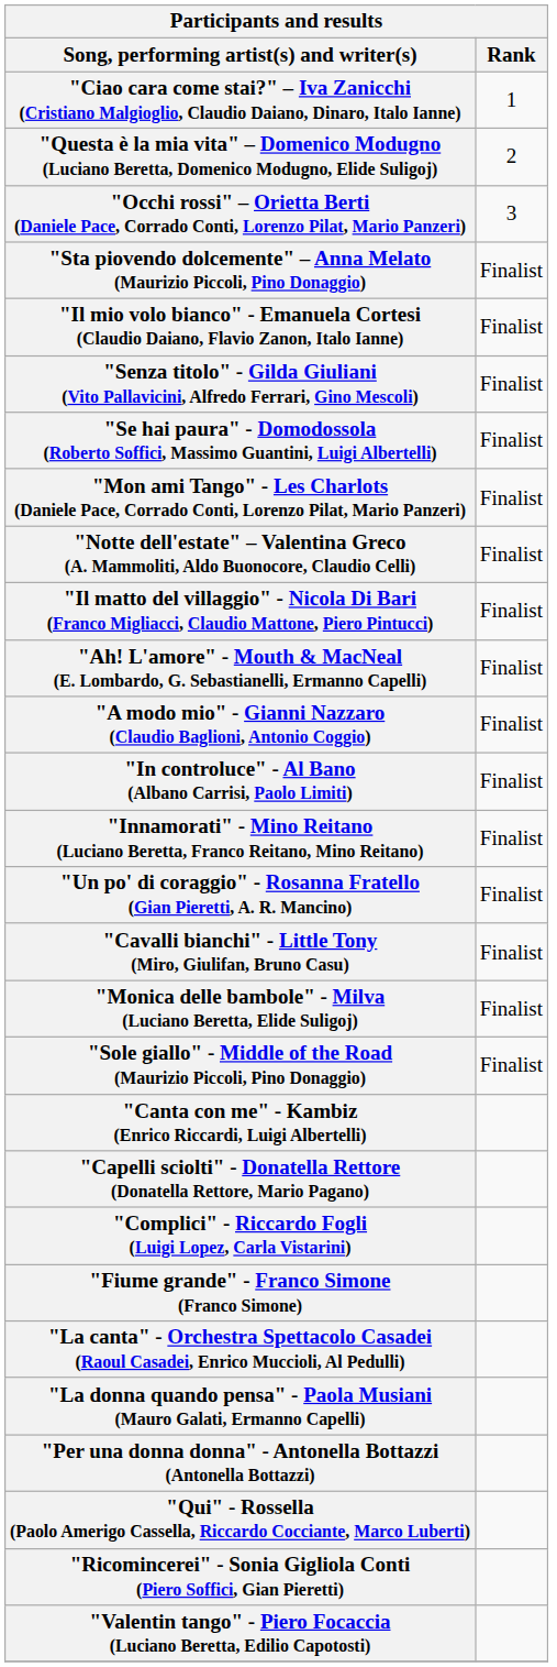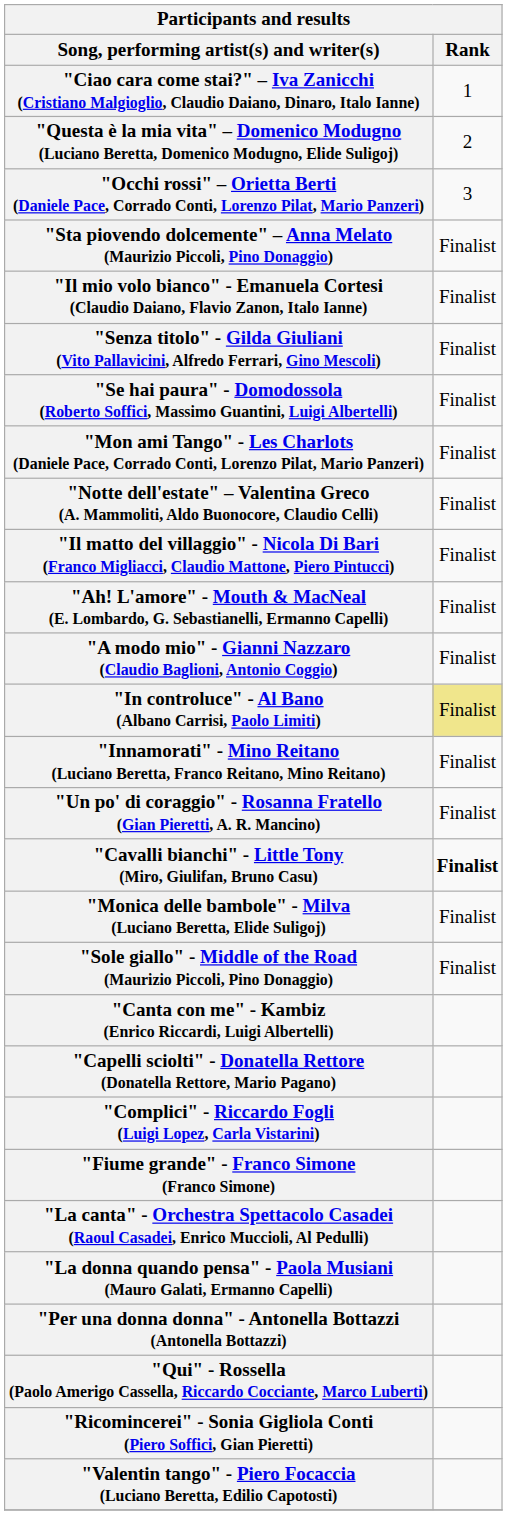 <table class="plainrowheaders wikitable">
 <tr>
 <th colspan="3">Participants and results</th>
 </tr>
 <tr>
 <th>Song, performing artist(s) and writer(s)</th>
 <th>Rank</th>
 </tr>
 <tr>
 <th scope="row">"Ciao cara come stai?" –  <a href='#'>Iva Zanicchi</a>  <br><small> 	 	(<a href='#'>Cristiano Malgioglio</a>, Claudio Daiano, Dinaro, Italo Ianne)</small></th>
 <td style="text-align:center;">1</td>
 </tr>
 <tr>
 <th scope="row">"Questa è la mia vita" – <a href='#'>Domenico Modugno</a>  <br><small> 	(Luciano Beretta, Domenico Modugno, Elide Suligoj) 	</small></th>
 <td style="text-align:center;">2</td>
 </tr>
 <tr>
 <th scope="row">"Occhi rossi" – <a href='#'>Orietta Berti</a>  <br><small> 	(<a href='#'>Daniele Pace</a>, Corrado Conti, <a href='#'>Lorenzo Pilat</a>, <a href='#'>Mario Panzeri</a>)</small></th>
 <td style="text-align:center;">3</td>
 </tr>
 <tr>
 <th scope="row">"Sta piovendo dolcemente"  –  <a href='#'>Anna Melato</a> <br><small>  (Maurizio Piccoli, <a href='#'>Pino Donaggio</a>) 	</small></th>
 <td style="text-align:center;">Finalist</td>
 </tr>
 <tr>
 <th scope="row">"Il mio volo bianco" -  Emanuela Cortesi <br><small> 	(Claudio Daiano, Flavio Zanon, Italo Ianne) 	</small></th>
 <td style="text-align:center;">Finalist</td>
 </tr>
 <tr>
 <th scope="row">"Senza titolo" -  	<a href='#'>Gilda Giuliani</a>		 <br><small>(<a href='#'>Vito Pallavicini</a>, Alfredo Ferrari, <a href='#'>Gino Mescoli</a>)</small></th>
 <td style="text-align:center;">Finalist</td>
 </tr>
 <tr>
 <th scope="row">"Se hai paura" - <a href='#'>Domodossola</a> <br><small>  (<a href='#'>Roberto Soffici</a>, Massimo Guantini, <a href='#'>Luigi Albertelli</a>) 	 </small></th>
 <td style="text-align:center;">Finalist</td>
 </tr>
 <tr>
 <th scope="row">"Mon ami Tango" -   	<a href='#'>Les Charlots</a>  <br><small> 	 (Daniele Pace, Corrado Conti, Lorenzo Pilat, Mario Panzeri) 	 </small></th>
 <td style="text-align:center;">Finalist</td>
 </tr>
 <tr>
 <th scope="row">"Notte dell'estate" – 	Valentina Greco  <br><small> 	 (A. Mammoliti, Aldo Buonocore, Claudio Celli) 	 </small></th>
 <td style="text-align:center;">Finalist</td>
 </tr>
 <tr>
 <th scope="row">"Il matto del villaggio" -  	<a href='#'>Nicola Di Bari</a>  <br><small> 	(<a href='#'>Franco Migliacci</a>, <a href='#'>Claudio Mattone</a>, <a href='#'>Piero Pintucci</a>) 	</small></th>
 <td style="text-align:center;">Finalist</td>
 </tr>
 <tr>
 <th scope="row">"Ah! L'amore" -  	 <a href='#'>Mouth & MacNeal</a> <br><small>  	(E. Lombardo, G. Sebastianelli, Ermanno Capelli) 	 	 </small></th>
 <td style="text-align:center;">Finalist</td>
 </tr>
 <tr>
 <th scope="row">"A modo mio" -  	<a href='#'>Gianni Nazzaro</a> <br><small> 	(<a href='#'>Claudio Baglioni</a>, <a href='#'>Antonio Coggio</a>) 	 </small></th>
 <td style="text-align:center;">Finalist</td>
 </tr>
 <tr>
 <th scope="row">"In controluce" - <a href='#'>Al Bano</a> <br><small> 	(Albano Carrisi, <a href='#'>Paolo Limiti</a>) 	 </small></th>
-<td style="text-align:center;">Finalist</td>
+<td style="background: khaki; text-align:center;">Finalist</td>
 </tr>
 <tr>
 <th scope="row">"Innamorati" - <a href='#'>Mino Reitano</a> <br><small> 	 	(Luciano Beretta, Franco Reitano, Mino Reitano) 	 </small></th>
 <td style="text-align:center;">Finalist</td>
 </tr>
 <tr>
 <th scope="row">"Un po' di coraggio" - <a href='#'>Rosanna Fratello</a> <br><small> 	 	(<a href='#'>Gian Pieretti</a>, A. R. Mancino) 	 </small></th>
 <td style="text-align:center;">Finalist</td>
 </tr>
 <tr>
 <th scope="row">"Cavalli bianchi" - <a href='#'>Little Tony</a> <br><small> 	 	 	(Miro, Giulifan, Bruno Casu) 	</small></th>
-<td style="text-align:center;">Finalist</td>
+<td style="text-align:center;"><strong>Finalist</strong></td>
 </tr>
 <tr>
 <th scope="row">"Monica delle bambole" -   	<a href='#'>Milva</a> <br><small>  	 	(Luciano Beretta, Elide Suligoj) 	</small></th>
 <td style="text-align:center;">Finalist</td>
 </tr>
 <tr>
 <th scope="row">"Sole giallo" - <a href='#'>Middle of the Road</a> <br><small>  	 	 	(Maurizio Piccoli, Pino Donaggio) 	 </small></th>
 <td style="text-align:center;">Finalist</td>
 </tr>
 <tr>
 <th scope="row">"Canta con me" -  Kambiz <br><small> 	 	(Enrico Riccardi, Luigi Albertelli) 	 </small></th>
 <td></td>
 </tr>
 <tr>
 <th scope="row">"Capelli sciolti" -  <a href='#'>Donatella Rettore</a> <br><small>  	(Donatella Rettore, Mario Pagano) 	 </small></th>
 <td></td>
 </tr>
 <tr>
 <th scope="row">"Complici" - <a href='#'>Riccardo Fogli</a> <br><small> 	 (<a href='#'>Luigi Lopez</a>, <a href='#'>Carla Vistarini</a>) 	</small></th>
 <td></td>
 </tr>
 <tr>
 <th scope="row">"Fiume grande" -   <a href='#'>Franco Simone</a> <br><small> 	(Franco Simone) 	 </small></th>
 <td></td>
 </tr>
 <tr>
 <th scope="row">"La canta" -  <a href='#'>Orchestra Spettacolo Casadei</a> <br><small> 	(<a href='#'>Raoul Casadei</a>, Enrico Muccioli, Al Pedulli) 	 	 </small></th>
 <td></td>
 </tr>
 <tr>
 <th scope="row">"La donna quando pensa" - <a href='#'>Paola Musiani</a> <br><small> 	 	(Mauro Galati, Ermanno Capelli) 	 </small></th>
 <td></td>
 </tr>
 <tr>
 <th scope="row">"Per una donna donna" -  Antonella Bottazzi <br><small> 	(Antonella Bottazzi) 	 </small></th>
 <td></td>
 </tr>
 <tr>
 <th scope="row">"Qui" - Rossella <br><small> 	 	(Paolo Amerigo Cassella, <a href='#'>Riccardo Cocciante</a>, <a href='#'>Marco Luberti</a>) 	 </small></th>
 <td></td>
 </tr>
 <tr>
 <th scope="row">"Ricomincerei" -  Sonia Gigliola Conti <br><small> 	 	(<a href='#'>Piero Soffici</a>, Gian Pieretti) 	 </small></th>
 <td></td>
 </tr>
 <tr>
 <th scope="row">"Valentin tango" -   <a href='#'>Piero Focaccia</a>  <br><small> 	 	 	(Luciano Beretta, Edilio Capotosti) 	 </small></th>
 <td></td>
 </tr>
 <tr>
 </tr>
 </table>
